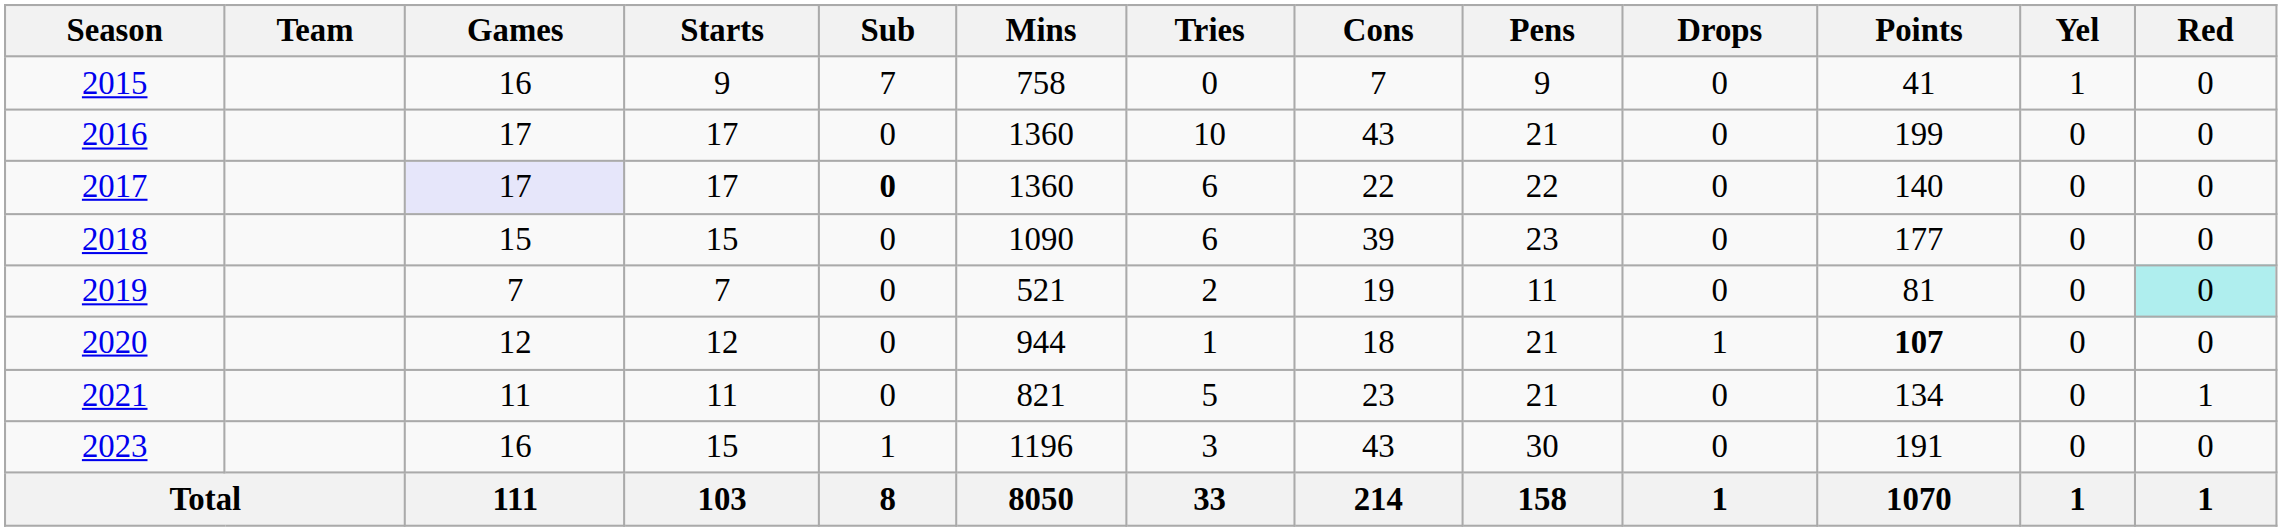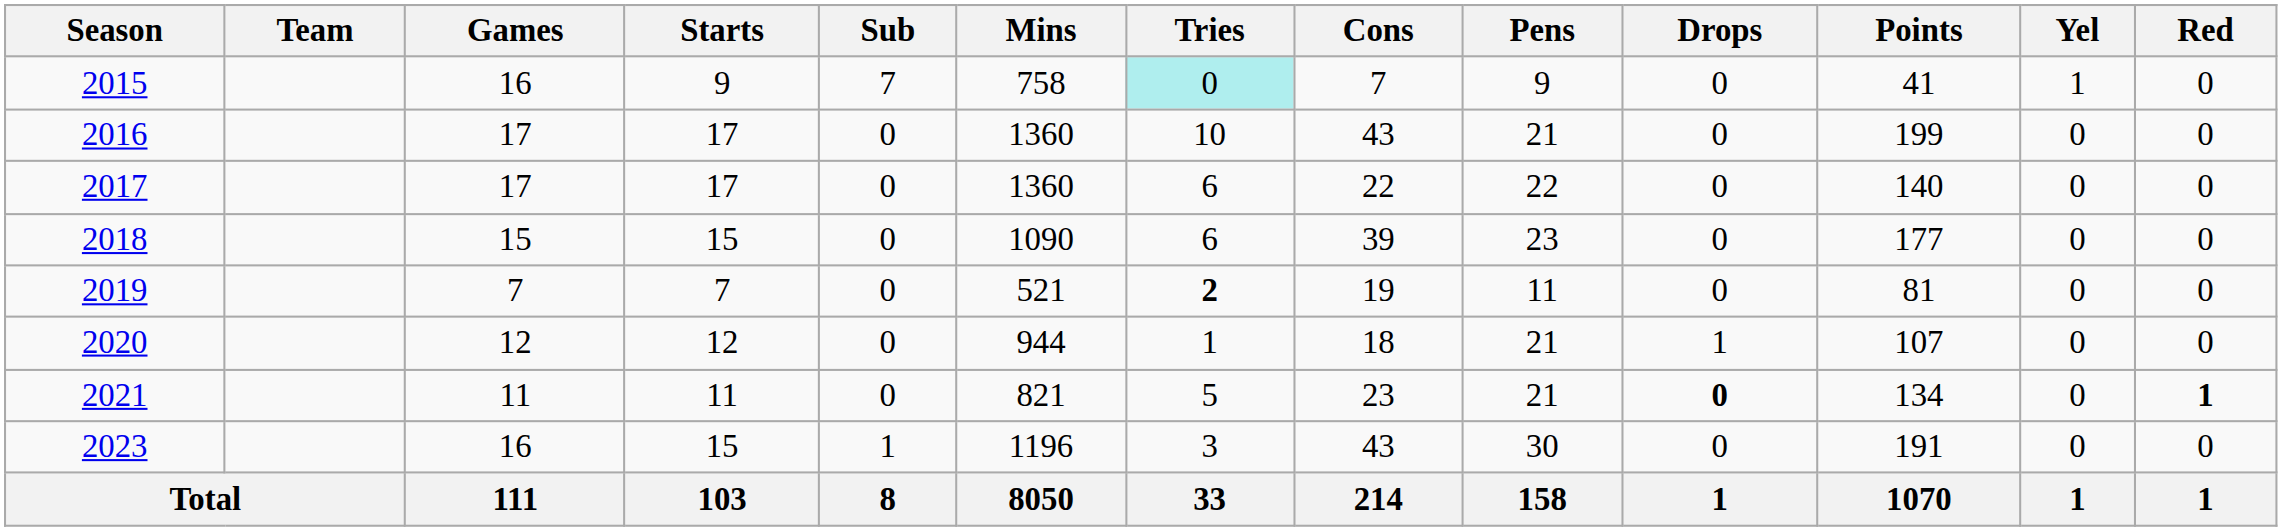 <table class="wikitable" style="text-align:center;width:70%">
 <tr>
 <th>Season</th>
 <th>Team</th>
 <th>Games</th>
 <th>Starts</th>
 <th>Sub</th>
 <th>Mins</th>
 <th>Tries</th>
 <th>Cons</th>
 <th>Pens</th>
 <th>Drops</th>
 <th>Points</th>
 <th>Yel</th>
 <th>Red</th>
 </tr>
 <tr>
 <td><a href='#'>2015</a></td>
 <td></td>
 <td>16</td>
 <td>9</td>
 <td>7</td>
 <td>758</td>
-<td>0</td>
+<td style="background: paleturquoise;">0</td>
 <td>7</td>
 <td>9</td>
 <td>0</td>
 <td>41</td>
 <td>1</td>
 <td>0</td>
 </tr>
 <tr>
 <td><a href='#'>2016</a></td>
 <td></td>
 <td>17</td>
 <td>17</td>
 <td>0</td>
 <td>1360</td>
 <td>10</td>
 <td>43</td>
 <td>21</td>
 <td>0</td>
 <td>199</td>
 <td>0</td>
 <td>0</td>
 </tr>
 <tr>
 <td><a href='#'>2017</a></td>
 <td></td>
-<td style="background: lavender;">17</td>
 <td>17</td>
-<td><strong>0</strong></td>
+<td>17</td>
+<td>0</td>
 <td>1360</td>
 <td>6</td>
 <td>22</td>
 <td>22</td>
 <td>0</td>
 <td>140</td>
 <td>0</td>
 <td>0</td>
 </tr>
 <tr>
 <td><a href='#'>2018</a></td>
 <td></td>
 <td>15</td>
 <td>15</td>
 <td>0</td>
 <td>1090</td>
 <td>6</td>
 <td>39</td>
 <td>23</td>
 <td>0</td>
 <td>177</td>
 <td>0</td>
 <td>0</td>
 </tr>
 <tr>
 <td><a href='#'>2019</a></td>
 <td></td>
 <td>7</td>
 <td>7</td>
 <td>0</td>
 <td>521</td>
-<td>2</td>
+<td><strong>2</strong></td>
 <td>19</td>
 <td>11</td>
 <td>0</td>
 <td>81</td>
 <td>0</td>
-<td style="background: paleturquoise;">0</td>
+<td>0</td>
 </tr>
 <tr>
 <td><a href='#'>2020</a></td>
 <td></td>
 <td>12</td>
 <td>12</td>
 <td>0</td>
 <td>944</td>
 <td>1</td>
 <td>18</td>
 <td>21</td>
 <td>1</td>
-<td><strong>107</strong></td>
+<td>107</td>
 <td>0</td>
 <td>0</td>
 </tr>
 <tr>
 <td><a href='#'>2021</a></td>
 <td></td>
 <td>11</td>
 <td>11</td>
 <td>0</td>
 <td>821</td>
 <td>5</td>
 <td>23</td>
 <td>21</td>
-<td>0</td>
+<td><strong>0</strong></td>
 <td>134</td>
 <td>0</td>
-<td>1</td>
+<td><strong>1</strong></td>
 </tr>
 <tr>
 <td><a href='#'>2023</a></td>
 <td></td>
 <td>16</td>
 <td>15</td>
 <td>1</td>
 <td>1196</td>
 <td>3</td>
 <td>43</td>
 <td>30</td>
 <td>0</td>
 <td>191</td>
 <td>0</td>
 <td>0</td>
 </tr>
 <tr>
 <th colspan="2">Total</th>
 <th>111</th>
 <th>103</th>
 <th>8</th>
 <th>8050</th>
 <th>33</th>
 <th>214</th>
 <th>158</th>
 <th>1</th>
 <th>1070</th>
 <th>1</th>
 <th>1</th>
 </tr>
 </table>
